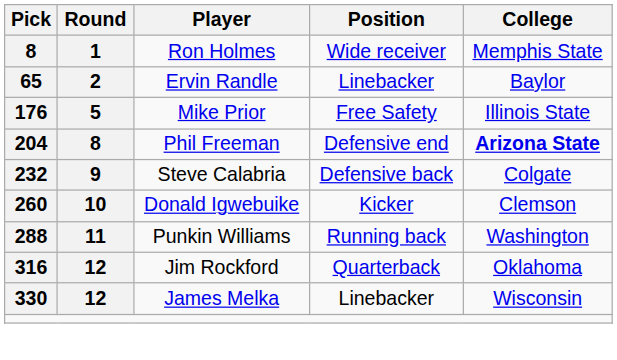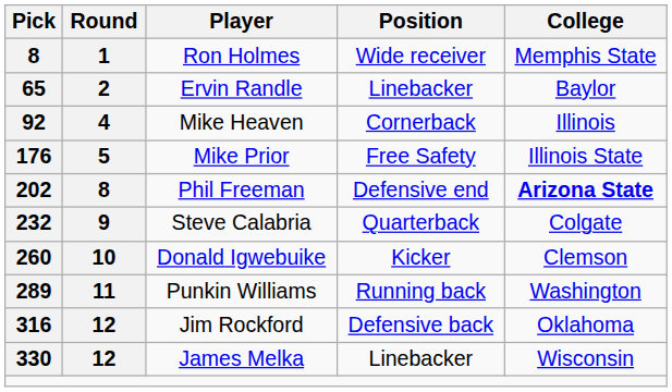 <table class="wikitable sortable sortable" style="width: 80%; text-align:center;">
 <tr>
 <th>Pick</th>
 <th>Round</th>
 <th>Player</th>
 <th>Position</th>
 <th>College</th>
 </tr>
 <tr>
 <th>8</th>
 <th>1</th>
 <td><a href='#'>Ron Holmes</a></td>
 <td><a href='#'>Wide receiver</a></td>
 <td><a href='#'>Memphis State</a></td>
 </tr>
 <tr>
 <th>65</th>
 <th>2</th>
 <td><a href='#'>Ervin Randle</a></td>
 <td><a href='#'>Linebacker</a></td>
 <td><a href='#'>Baylor</a></td>
 </tr>
 <tr>
+<th>92</th>
+<th>4</th>
+<td>Mike Heaven</td>
+<td><a href='#'>Cornerback</a></td>
+<td><a href='#'>Illinois</a></td>
+</tr>
+<tr>
 <th>176</th>
 <th>5</th>
 <td><a href='#'>Mike Prior</a></td>
 <td><a href='#'>Free Safety</a></td>
 <td><a href='#'>Illinois State</a></td>
 </tr>
 <tr>
-<th>204</th>
+<th>202</th>
 <th>8</th>
 <td><a href='#'>Phil Freeman</a></td>
 <td><a href='#'>Defensive end</a></td>
 <td><strong><a href='#'>Arizona State</a></strong></td>
 </tr>
 <tr>
 <th>232</th>
 <th>9</th>
 <td>Steve Calabria</td>
-<td><a href='#'>Defensive back</a></td>
+<td><a href='#'>Quarterback</a></td>
 <td><a href='#'>Colgate</a></td>
 </tr>
 <tr>
 <th>260</th>
 <th>10</th>
 <td><a href='#'>Donald Igwebuike</a></td>
 <td><a href='#'>Kicker</a></td>
 <td><a href='#'>Clemson</a></td>
 </tr>
 <tr>
-<th>288</th>
+<th>289</th>
 <th>11</th>
 <td>Punkin Williams</td>
 <td><a href='#'>Running back</a></td>
 <td><a href='#'>Washington</a></td>
 </tr>
 <tr>
 <th>316</th>
 <th>12</th>
 <td>Jim Rockford</td>
-<td><a href='#'>Quarterback</a></td>
+<td><a href='#'>Defensive back</a></td>
 <td><a href='#'>Oklahoma</a></td>
 </tr>
 <tr>
 <th>330</th>
 <th>12</th>
 <td><a href='#'>James Melka</a></td>
 <td>Linebacker</td>
 <td><a href='#'>Wisconsin</a></td>
 </tr>
 <tr>
 <td colspan="5"></td>
 </tr>
 </table>
